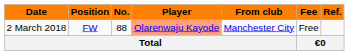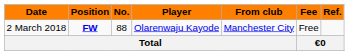 <table class="wikitable sortable">
 <tr>
 <th style="background:#FF8000; color:black;">Date</th>
 <th style="background:#FF8000; color:black;">Position</th>
 <th style="background:#FF8000; color:black;">No.</th>
 <th style="background:#FF8000; color:black;">Player</th>
 <th style="background:#FF8000; color:black;">From club</th>
 <th style="background:#FF8000; color:black;">Fee</th>
 <th style="background:#FF8000; color:black;">Ref.</th>
 </tr>
 <tr>
 <td>2 March 2018</td>
-<td style="text-align:center;"><a href='#'>FW</a></td>
+<td style="text-align:center;"><strong><a href='#'>FW</a></strong></td>
 <td style="text-align:center;">88</td>
-<td style="background: lightsalmon; text-align:left;"> <a href='#'>Olarenwaju Kayode</a></td>
+<td style="text-align:left;"> <a href='#'>Olarenwaju Kayode</a></td>
 <td style="text-align:left;"> <a href='#'>Manchester City</a></td>
 <td>Free</td>
 <td></td>
 </tr>
 <tr>
 <th colspan="5">Total</th>
 <th colspan="2">€0</th>
 </tr>
 </table>
